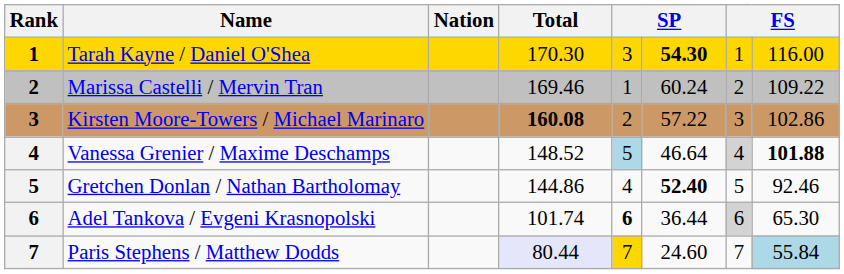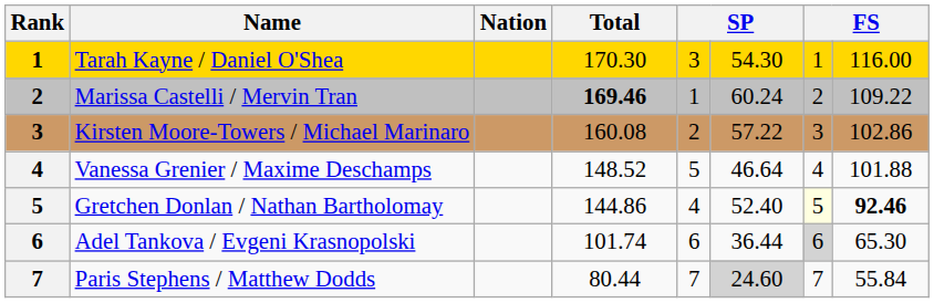 <table class="wikitable sortable">
 <tr>
 <th>Rank</th>
 <th>Name</th>
 <th>Nation</th>
 <th width="80px">Total</th>
 <th colspan="2" width="80px"><a href='#'>SP</a></th>
 <th colspan="2" width="80px"><a href='#'>FS</a></th>
 </tr>
 <tr bgcolor="gold">
 <td align="center"><strong>1</strong></td>
 <td><a href='#'>Tarah Kayne</a> / <a href='#'>Daniel O'Shea</a></td>
 <td></td>
 <td align="center">170.30</td>
 <td align="center">3</td>
-<td align="center"><strong>54.30</strong></td>
+<td align="center">54.30</td>
 <td align="center">1</td>
 <td align="center">116.00</td>
 </tr>
 <tr bgcolor="silver">
 <td align="center"><strong>2</strong></td>
 <td><a href='#'>Marissa Castelli</a> / <a href='#'>Mervin Tran</a></td>
 <td></td>
-<td align="center">169.46</td>
+<td align="center"><strong>169.46</strong></td>
 <td align="center">1</td>
 <td align="center">60.24</td>
 <td align="center">2</td>
 <td align="center">109.22</td>
 </tr>
 <tr bgcolor="cc9966">
 <td align="center"><strong>3</strong></td>
 <td><a href='#'>Kirsten Moore-Towers</a> / <a href='#'>Michael Marinaro</a></td>
 <td></td>
-<td align="center"><strong>160.08</strong></td>
+<td align="center">160.08</td>
 <td align="center">2</td>
 <td align="center">57.22</td>
 <td align="center">3</td>
 <td align="center">102.86</td>
 </tr>
 <tr>
 <th>4</th>
 <td><a href='#'>Vanessa Grenier</a> / <a href='#'>Maxime Deschamps</a></td>
 <td></td>
 <td align="center">148.52</td>
-<td align="center" style="background: lightblue;">5</td>
+<td align="center">5</td>
 <td align="center">46.64</td>
-<td align="center" style="background: lightgrey;">4</td>
-<td align="center"><strong>101.88</strong></td>
+<td align="center">4</td>
+<td align="center">101.88</td>
 </tr>
 <tr>
 <th>5</th>
 <td><a href='#'>Gretchen Donlan</a> / <a href='#'>Nathan Bartholomay</a></td>
 <td></td>
 <td align="center">144.86</td>
 <td align="center">4</td>
-<td align="center"><strong>52.40</strong></td>
-<td align="center">5</td>
-<td align="center">92.46</td>
+<td align="center">52.40</td>
+<td align="center" style="background: lightyellow;">5</td>
+<td align="center"><strong>92.46</strong></td>
 </tr>
 <tr>
 <th>6</th>
 <td><a href='#'>Adel Tankova</a> / <a href='#'>Evgeni Krasnopolski</a></td>
 <td></td>
 <td align="center">101.74</td>
-<td align="center"><strong>6</strong></td>
+<td align="center">6</td>
 <td align="center">36.44</td>
 <td align="center" style="background: lightgrey;">6</td>
 <td align="center">65.30</td>
 </tr>
 <tr>
 <th>7</th>
 <td><a href='#'>Paris Stephens</a> / <a href='#'>Matthew Dodds</a></td>
 <td></td>
-<td align="center" style="background: lavender;">80.44</td>
-<td align="center" style="background: gold;">7</td>
-<td align="center">24.60</td>
+<td align="center">80.44</td>
 <td align="center">7</td>
-<td align="center" style="background: lightblue;">55.84</td>
+<td align="center" style="background: lightgrey;">24.60</td>
+<td align="center">7</td>
+<td align="center">55.84</td>
 </tr>
 </table>
